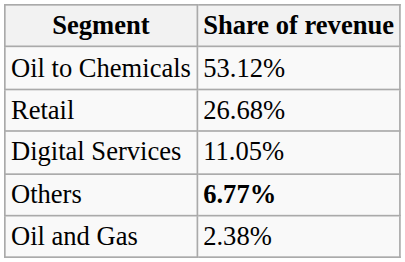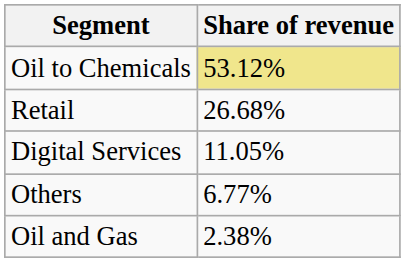 <table class="wikitable">
 <tr>
 <th>Segment</th>
 <th>Share of revenue</th>
 </tr>
 <tr>
 <td>Oil to Chemicals</td>
-<td>53.12%</td>
+<td style="background: khaki;">53.12%</td>
 </tr>
 <tr>
 <td>Retail</td>
 <td>26.68%</td>
 </tr>
 <tr>
 <td>Digital Services</td>
 <td>11.05%</td>
 </tr>
 <tr>
 <td>Others</td>
-<td><strong>6.77%</strong></td>
+<td>6.77%</td>
 </tr>
 <tr>
 <td>Oil and Gas</td>
 <td>2.38%</td>
 </tr>
 </table>
